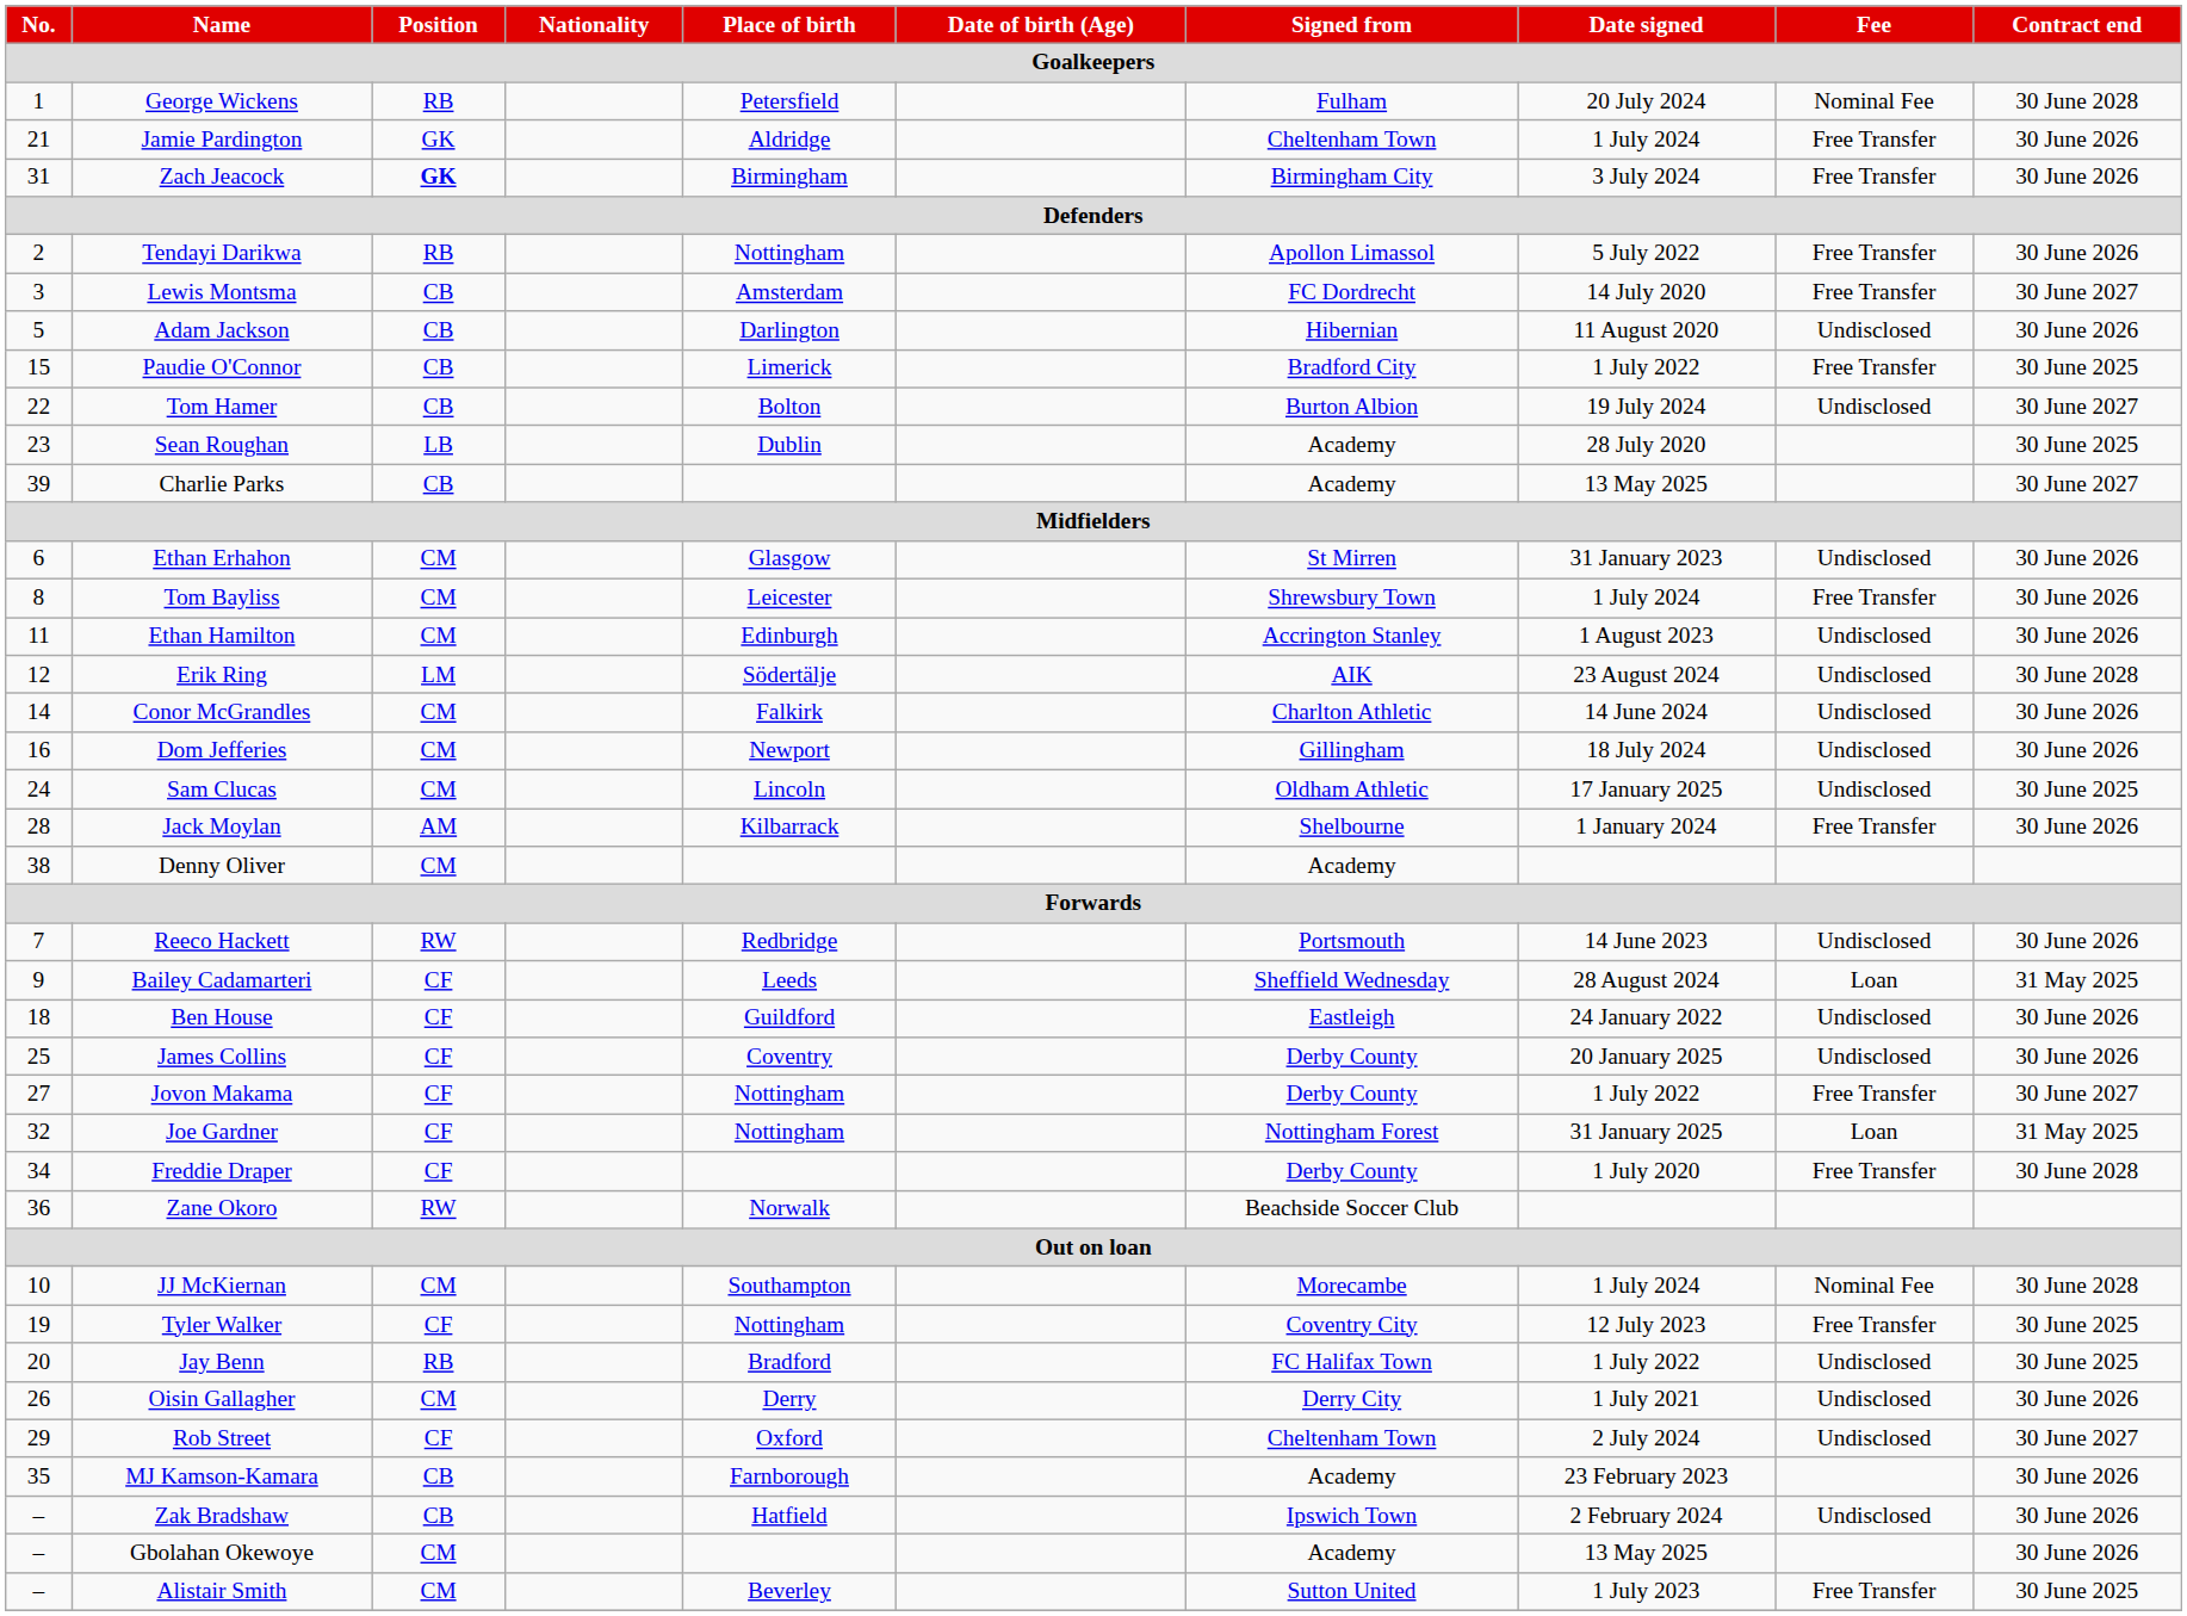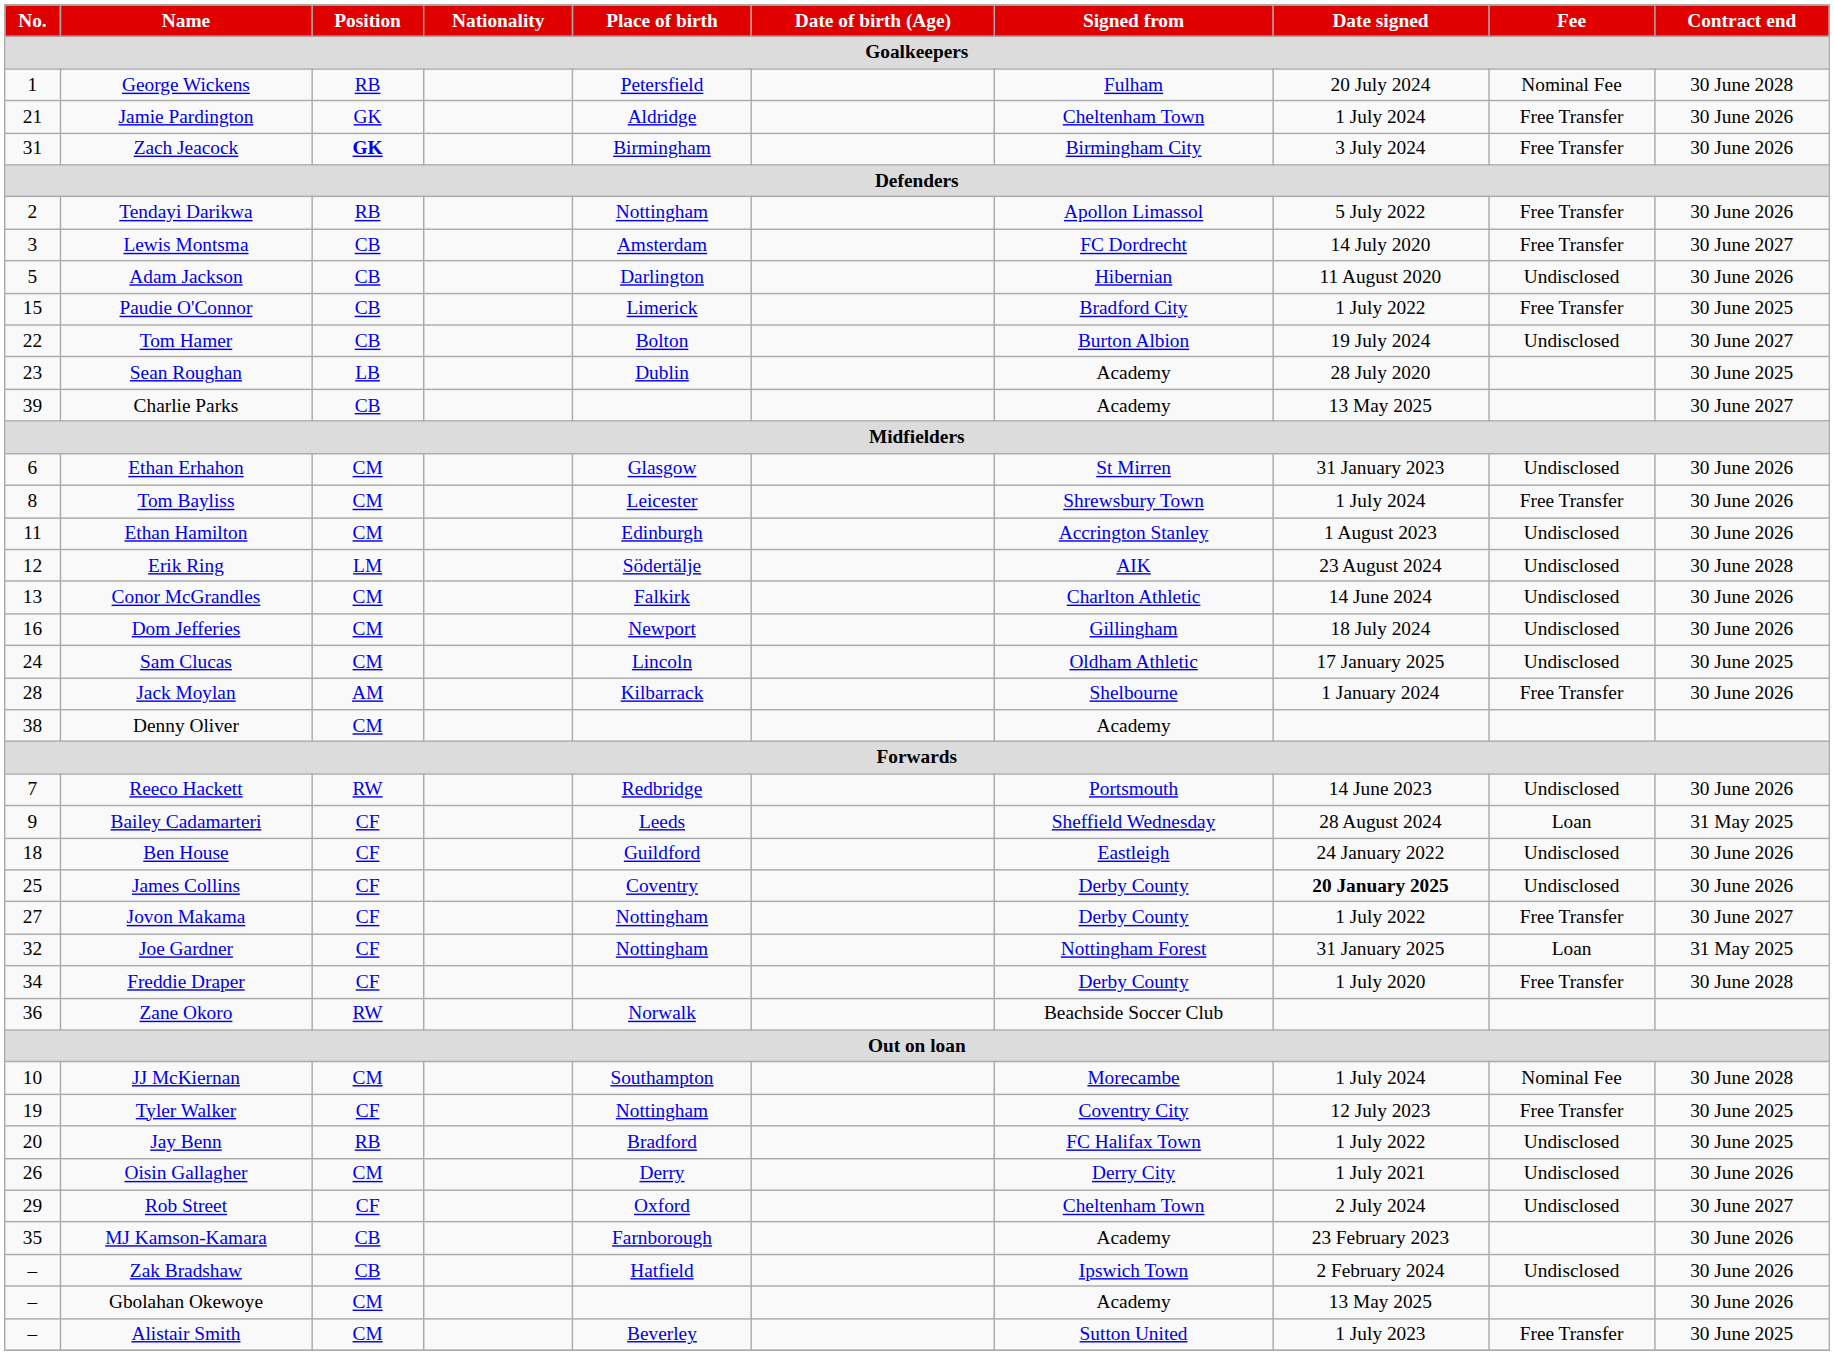 <table class="wikitable" style="text-align:center; font-size:84.5%; width:101%;">
 <tr>
 <th style="background:#E00000; color:white; text-align:center;">No.</th>
 <th style="background:#E00000; color:white; text-align:center;">Name</th>
 <th style="background:#E00000; color:white; text-align:center;">Position</th>
 <th style="background:#E00000; color:white; text-align:center;">Nationality</th>
 <th style="background:#E00000; color:white; text-align:center;">Place of birth</th>
 <th style="background:#E00000; color:white; text-align:center;">Date of birth (Age)</th>
 <th style="background:#E00000; color:white; text-align:center;">Signed from</th>
 <th style="background:#E00000; color:white; text-align:center;">Date signed</th>
 <th style="background:#E00000; color:white; text-align:center;">Fee</th>
 <th style="background:#E00000; color:white; text-align:center;">Contract end</th>
 </tr>
 <tr>
 <th colspan=14 style="background:#dcdcdc; tepxt-align:center;">Goalkeepers</th>
 </tr>
 <tr>
 <td>1</td>
 <td><a href='#'>George Wickens</a></td>
 <td><a href='#'>RB</a></td>
 <td></td>
 <td><a href='#'>Petersfield</a></td>
 <td></td>
 <td><a href='#'>Fulham</a></td>
 <td>20 July 2024</td>
 <td>Nominal Fee</td>
 <td>30 June 2028</td>
 </tr>
 <tr>
 <td>21</td>
 <td><a href='#'>Jamie Pardington</a></td>
 <td><a href='#'>GK</a></td>
 <td></td>
 <td><a href='#'>Aldridge</a></td>
 <td></td>
 <td><a href='#'>Cheltenham Town</a></td>
 <td>1 July 2024</td>
 <td>Free Transfer</td>
 <td>30 June 2026</td>
 </tr>
 <tr>
 <td>31</td>
 <td><a href='#'>Zach Jeacock</a></td>
 <td><strong><a href='#'>GK</a></strong></td>
 <td></td>
 <td><a href='#'>Birmingham</a></td>
 <td></td>
 <td><a href='#'>Birmingham City</a></td>
 <td>3 July 2024</td>
 <td>Free Transfer</td>
 <td>30 June 2026</td>
 </tr>
 <tr>
 <th colspan=14 style="background:#dcdcdc; tepxt-align:center;">Defenders</th>
 </tr>
 <tr>
 <td>2</td>
 <td><a href='#'>Tendayi Darikwa</a></td>
 <td><a href='#'>RB</a></td>
 <td></td>
 <td><a href='#'>Nottingham</a></td>
 <td></td>
 <td><a href='#'>Apollon Limassol</a></td>
 <td>5 July 2022</td>
 <td>Free Transfer</td>
 <td>30 June 2026</td>
 </tr>
 <tr>
 <td>3</td>
 <td><a href='#'>Lewis Montsma</a></td>
 <td><a href='#'>CB</a></td>
 <td></td>
 <td><a href='#'>Amsterdam</a></td>
 <td></td>
 <td><a href='#'>FC Dordrecht</a></td>
 <td>14 July 2020</td>
 <td>Free Transfer</td>
 <td>30 June 2027</td>
 </tr>
 <tr>
 <td>5</td>
 <td><a href='#'>Adam Jackson</a></td>
 <td><a href='#'>CB</a></td>
 <td></td>
 <td><a href='#'>Darlington</a></td>
 <td></td>
 <td><a href='#'>Hibernian</a></td>
 <td>11 August 2020</td>
 <td>Undisclosed</td>
 <td>30 June 2026</td>
 </tr>
 <tr>
 <td>15</td>
 <td><a href='#'>Paudie O'Connor</a></td>
 <td><a href='#'>CB</a></td>
 <td></td>
 <td><a href='#'>Limerick</a></td>
 <td></td>
 <td><a href='#'>Bradford City</a></td>
 <td>1 July 2022</td>
 <td>Free Transfer</td>
 <td>30 June 2025</td>
 </tr>
 <tr>
 <td>22</td>
 <td><a href='#'>Tom Hamer</a></td>
 <td><a href='#'>CB</a></td>
 <td></td>
 <td><a href='#'>Bolton</a></td>
 <td></td>
 <td><a href='#'>Burton Albion</a></td>
 <td>19 July 2024</td>
 <td>Undisclosed</td>
 <td>30 June 2027</td>
 </tr>
 <tr>
 <td>23</td>
 <td><a href='#'>Sean Roughan</a></td>
 <td><a href='#'>LB</a></td>
 <td></td>
 <td><a href='#'>Dublin</a></td>
 <td></td>
 <td>Academy</td>
 <td>28 July 2020</td>
 <td></td>
 <td>30 June 2025</td>
 </tr>
 <tr>
 <td>39</td>
 <td>Charlie Parks</td>
 <td><a href='#'>CB</a></td>
 <td></td>
 <td></td>
 <td></td>
 <td>Academy</td>
 <td>13 May 2025</td>
 <td></td>
 <td>30 June 2027</td>
 </tr>
 <tr>
 <th colspan=14 style="background:#dcdcdc; tepxt-align:center;">Midfielders</th>
 </tr>
 <tr>
 <td>6</td>
 <td><a href='#'>Ethan Erhahon</a></td>
 <td><a href='#'>CM</a></td>
 <td></td>
 <td><a href='#'>Glasgow</a></td>
 <td></td>
 <td><a href='#'>St Mirren</a></td>
 <td>31 January 2023</td>
 <td>Undisclosed</td>
 <td>30 June 2026</td>
 </tr>
 <tr>
 <td>8</td>
 <td><a href='#'>Tom Bayliss</a></td>
 <td><a href='#'>CM</a></td>
 <td></td>
 <td><a href='#'>Leicester</a></td>
 <td></td>
 <td><a href='#'>Shrewsbury Town</a></td>
 <td>1 July 2024</td>
 <td>Free Transfer</td>
 <td>30 June 2026</td>
 </tr>
 <tr>
 <td>11</td>
 <td><a href='#'>Ethan Hamilton</a></td>
 <td><a href='#'>CM</a></td>
 <td></td>
 <td><a href='#'>Edinburgh</a></td>
 <td></td>
 <td><a href='#'>Accrington Stanley</a></td>
 <td>1 August 2023</td>
 <td>Undisclosed</td>
 <td>30 June 2026</td>
 </tr>
 <tr>
 <td>12</td>
 <td><a href='#'>Erik Ring</a></td>
 <td><a href='#'>LM</a></td>
 <td></td>
 <td><a href='#'>Södertälje</a></td>
 <td></td>
 <td><a href='#'>AIK</a></td>
 <td>23 August 2024</td>
 <td>Undisclosed</td>
 <td>30 June 2028</td>
 </tr>
 <tr>
-<td>14</td>
+<td>13</td>
 <td><a href='#'>Conor McGrandles</a></td>
 <td><a href='#'>CM</a></td>
 <td></td>
 <td><a href='#'>Falkirk</a></td>
 <td></td>
 <td><a href='#'>Charlton Athletic</a></td>
 <td>14 June 2024</td>
 <td>Undisclosed</td>
 <td>30 June 2026</td>
 </tr>
 <tr>
 <td>16</td>
 <td><a href='#'>Dom Jefferies</a></td>
 <td><a href='#'>CM</a></td>
 <td></td>
 <td><a href='#'>Newport</a></td>
 <td></td>
 <td><a href='#'>Gillingham</a></td>
 <td>18 July 2024</td>
 <td>Undisclosed</td>
 <td>30 June 2026</td>
 </tr>
 <tr>
 <td>24</td>
 <td><a href='#'>Sam Clucas</a></td>
 <td><a href='#'>CM</a></td>
 <td></td>
 <td><a href='#'>Lincoln</a></td>
 <td></td>
 <td><a href='#'>Oldham Athletic</a></td>
 <td>17 January 2025</td>
 <td>Undisclosed</td>
 <td>30 June 2025</td>
 </tr>
 <tr>
 <td>28</td>
 <td><a href='#'>Jack Moylan</a></td>
 <td><a href='#'>AM</a></td>
 <td></td>
 <td><a href='#'>Kilbarrack</a></td>
 <td></td>
 <td><a href='#'>Shelbourne</a></td>
 <td>1 January 2024</td>
 <td>Free Transfer</td>
 <td>30 June 2026</td>
 </tr>
 <tr>
 <td>38</td>
 <td>Denny Oliver</td>
 <td><a href='#'>CM</a></td>
 <td></td>
 <td></td>
 <td></td>
 <td>Academy</td>
 <td></td>
 <td></td>
 <td></td>
 </tr>
 <tr>
 <th colspan=14 style="background:#dcdcdc; tepxt-align:center;">Forwards</th>
 </tr>
 <tr>
 <td>7</td>
 <td><a href='#'>Reeco Hackett</a></td>
 <td><a href='#'>RW</a></td>
 <td></td>
 <td><a href='#'>Redbridge</a></td>
 <td></td>
 <td><a href='#'>Portsmouth</a></td>
 <td>14 June 2023</td>
 <td>Undisclosed</td>
 <td>30 June 2026</td>
 </tr>
 <tr>
 <td>9</td>
 <td><a href='#'>Bailey Cadamarteri</a></td>
 <td><a href='#'>CF</a></td>
 <td></td>
 <td><a href='#'>Leeds</a></td>
 <td></td>
 <td><a href='#'>Sheffield Wednesday</a></td>
 <td>28 August 2024</td>
 <td>Loan</td>
 <td>31 May 2025</td>
 </tr>
 <tr>
 <td>18</td>
 <td><a href='#'>Ben House</a></td>
 <td><a href='#'>CF</a></td>
 <td></td>
 <td><a href='#'>Guildford</a></td>
 <td></td>
 <td><a href='#'>Eastleigh</a></td>
 <td>24 January 2022</td>
 <td>Undisclosed</td>
 <td>30 June 2026</td>
 </tr>
 <tr>
 <td>25</td>
 <td><a href='#'>James Collins</a></td>
 <td><a href='#'>CF</a></td>
 <td></td>
 <td><a href='#'>Coventry</a></td>
 <td></td>
 <td><a href='#'>Derby County</a></td>
-<td>20 January 2025</td>
+<td><strong>20 January 2025</strong></td>
 <td>Undisclosed</td>
 <td>30 June 2026</td>
 </tr>
 <tr>
 <td>27</td>
 <td><a href='#'>Jovon Makama</a></td>
 <td><a href='#'>CF</a></td>
 <td></td>
 <td><a href='#'>Nottingham</a></td>
 <td></td>
 <td><a href='#'>Derby County</a></td>
 <td>1 July 2022</td>
 <td>Free Transfer</td>
 <td>30 June 2027</td>
 </tr>
 <tr>
 <td>32</td>
 <td><a href='#'>Joe Gardner</a></td>
 <td><a href='#'>CF</a></td>
 <td></td>
 <td><a href='#'>Nottingham</a></td>
 <td></td>
 <td><a href='#'>Nottingham Forest</a></td>
 <td>31 January 2025</td>
 <td>Loan</td>
 <td>31 May 2025</td>
 </tr>
 <tr>
 <td>34</td>
 <td><a href='#'>Freddie Draper</a></td>
 <td><a href='#'>CF</a></td>
 <td></td>
 <td></td>
 <td></td>
 <td><a href='#'>Derby County</a></td>
 <td>1 July 2020</td>
 <td>Free Transfer</td>
 <td>30 June 2028</td>
 </tr>
 <tr>
 <td>36</td>
 <td><a href='#'>Zane Okoro</a></td>
 <td><a href='#'>RW</a></td>
 <td></td>
 <td><a href='#'>Norwalk</a></td>
 <td></td>
 <td>Beachside Soccer Club</td>
 <td></td>
 <td></td>
 <td></td>
 </tr>
 <tr>
 <th colspan=14 style="background:#dcdcdc; tepxt-align:center;">Out on loan</th>
 </tr>
 <tr>
 <td>10</td>
 <td><a href='#'>JJ McKiernan</a></td>
 <td><a href='#'>CM</a></td>
 <td></td>
 <td><a href='#'>Southampton</a></td>
 <td></td>
 <td><a href='#'>Morecambe</a></td>
 <td>1 July 2024</td>
 <td>Nominal Fee</td>
 <td>30 June 2028</td>
 </tr>
 <tr>
 <td>19</td>
 <td><a href='#'>Tyler Walker</a></td>
 <td><a href='#'>CF</a></td>
 <td></td>
 <td><a href='#'>Nottingham</a></td>
 <td></td>
 <td><a href='#'>Coventry City</a></td>
 <td>12 July 2023</td>
 <td>Free Transfer</td>
 <td>30 June 2025</td>
 </tr>
 <tr>
 <td>20</td>
 <td><a href='#'>Jay Benn</a></td>
 <td><a href='#'>RB</a></td>
 <td></td>
 <td><a href='#'>Bradford</a></td>
 <td></td>
 <td><a href='#'>FC Halifax Town</a></td>
 <td>1 July 2022</td>
 <td>Undisclosed</td>
 <td>30 June 2025</td>
 </tr>
 <tr>
 <td>26</td>
 <td><a href='#'>Oisin Gallagher</a></td>
 <td><a href='#'>CM</a></td>
 <td></td>
 <td><a href='#'>Derry</a></td>
 <td></td>
 <td><a href='#'>Derry City</a></td>
 <td>1 July 2021</td>
 <td>Undisclosed</td>
 <td>30 June 2026</td>
 </tr>
 <tr>
 <td>29</td>
 <td><a href='#'>Rob Street</a></td>
 <td><a href='#'>CF</a></td>
 <td></td>
 <td><a href='#'>Oxford</a></td>
 <td></td>
 <td><a href='#'>Cheltenham Town</a></td>
 <td>2 July 2024</td>
 <td>Undisclosed</td>
 <td>30 June 2027</td>
 </tr>
 <tr>
 <td>35</td>
 <td><a href='#'>MJ Kamson-Kamara</a></td>
 <td><a href='#'>CB</a></td>
 <td></td>
 <td><a href='#'>Farnborough</a></td>
 <td></td>
 <td>Academy</td>
 <td>23 February 2023</td>
 <td></td>
 <td>30 June 2026</td>
 </tr>
 <tr>
 <td>–</td>
 <td><a href='#'>Zak Bradshaw</a></td>
 <td><a href='#'>CB</a></td>
 <td></td>
 <td><a href='#'>Hatfield</a></td>
 <td></td>
 <td><a href='#'>Ipswich Town</a></td>
 <td>2 February 2024</td>
 <td>Undisclosed</td>
 <td>30 June 2026</td>
 </tr>
 <tr>
 <td>–</td>
 <td>Gbolahan Okewoye</td>
 <td><a href='#'>CM</a></td>
 <td></td>
 <td></td>
 <td></td>
 <td>Academy</td>
 <td>13 May 2025</td>
 <td></td>
 <td>30 June 2026</td>
 </tr>
 <tr>
 <td>–</td>
 <td><a href='#'>Alistair Smith</a></td>
 <td><a href='#'>CM</a></td>
 <td></td>
 <td><a href='#'>Beverley</a></td>
 <td></td>
 <td><a href='#'>Sutton United</a></td>
 <td>1 July 2023</td>
 <td>Free Transfer</td>
 <td>30 June 2025</td>
 </tr>
 <tr>
 </tr>
 </table>
